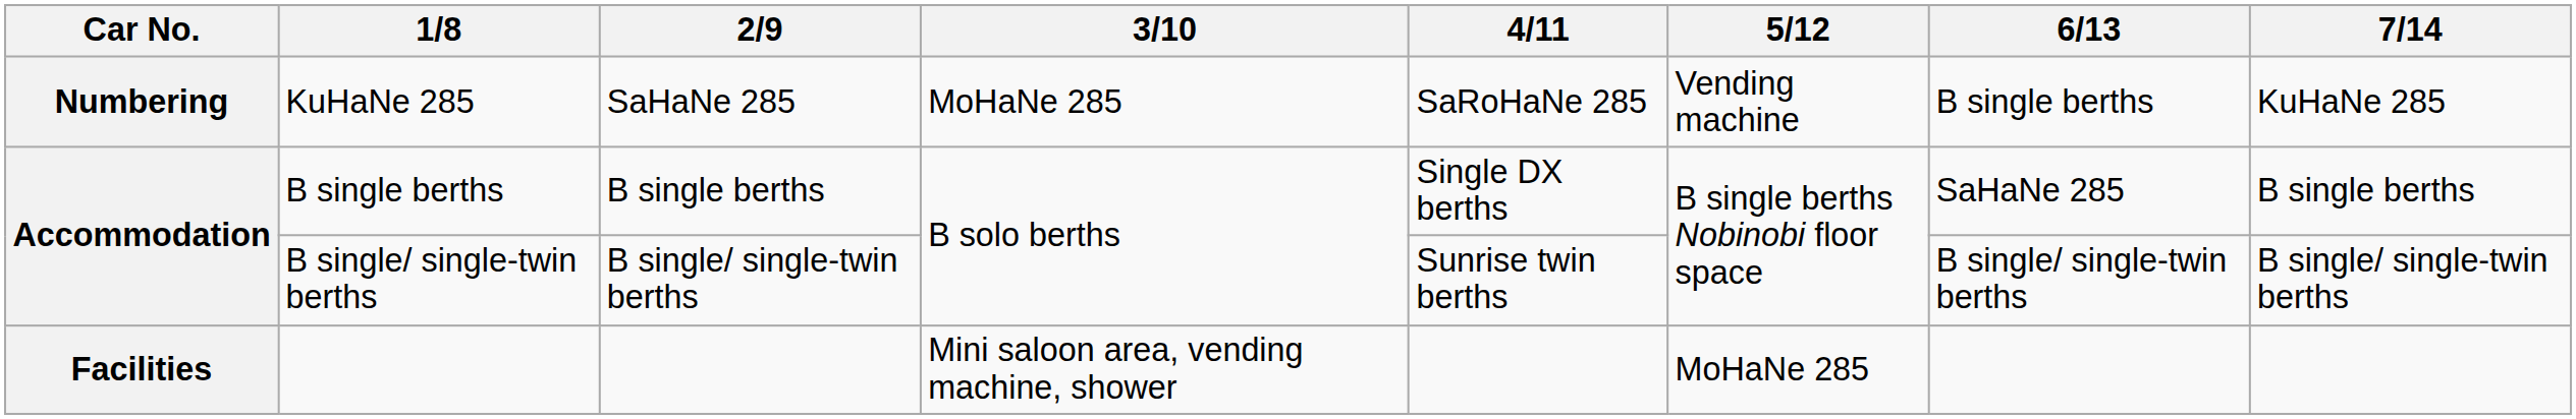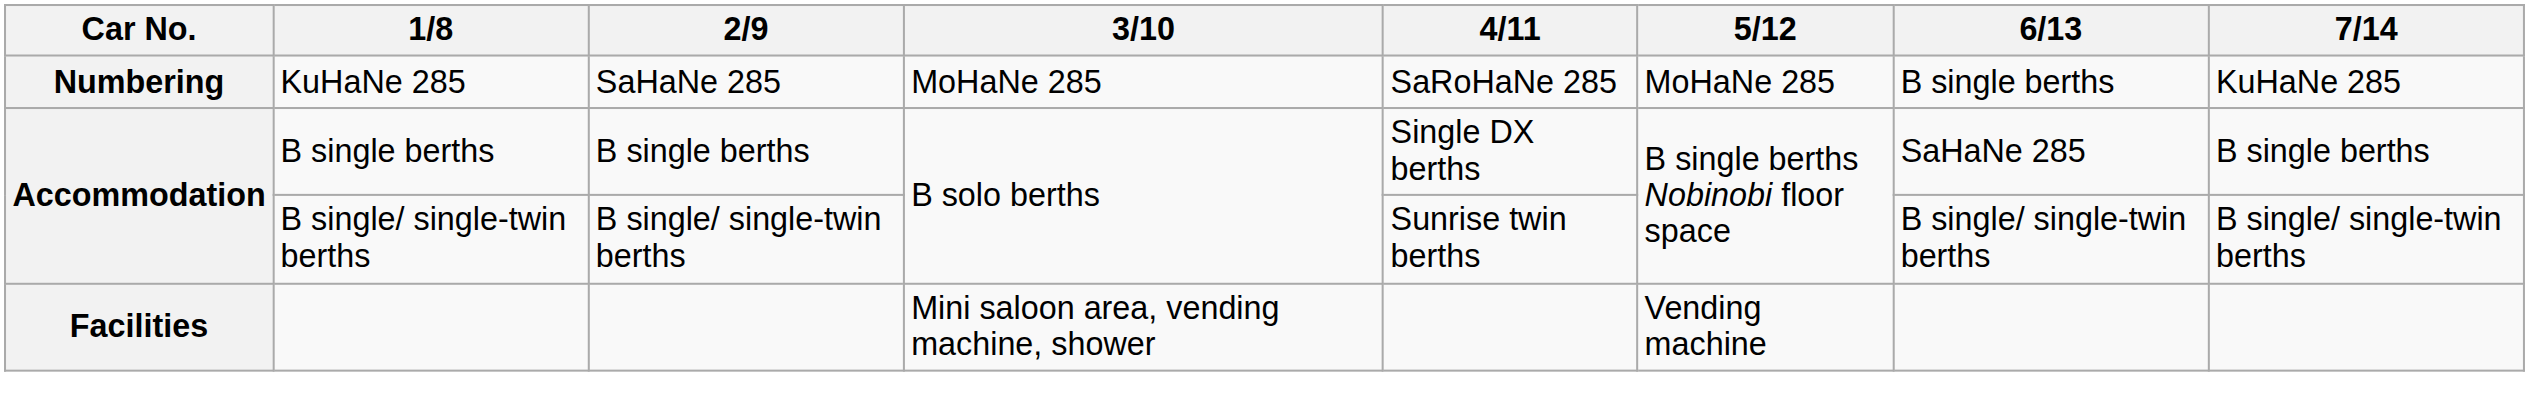 <table class="wikitable">
 <tr>
 <th>Car No.</th>
 <th>1/8</th>
 <th>2/9</th>
 <th>3/10</th>
 <th>4/11</th>
 <th>5/12</th>
 <th>6/13</th>
 <th>7/14</th>
 </tr>
 <tr>
 <th>Numbering</th>
 <td>KuHaNe 285</td>
 <td>SaHaNe 285</td>
 <td>MoHaNe 285</td>
 <td>SaRoHaNe 285</td>
-<td>Vending machine</td>
+<td>MoHaNe 285</td>
 <td>B single berths</td>
 <td>KuHaNe 285</td>
 </tr>
 <tr>
 <th rowspan=2>Accommodation</th>
 <td>B single berths</td>
 <td>B single berths</td>
 <td rowspan=2>B solo berths</td>
 <td>Single DX berths</td>
 <td rowspan=2>B single berths<br><em>Nobinobi</em> floor space</td>
 <td>SaHaNe 285</td>
 <td>B single berths</td>
 </tr>
 <tr>
 <td>B single/ single-twin berths</td>
 <td>B single/ single-twin berths</td>
 <td>Sunrise twin berths</td>
 <td>B single/ single-twin berths</td>
 <td>B single/ single-twin berths</td>
 </tr>
 <tr>
 <th>Facilities</th>
 <td> </td>
 <td> </td>
 <td>Mini saloon area, vending machine, shower</td>
 <td> </td>
-<td>MoHaNe 285</td>
+<td>Vending machine</td>
 <td> </td>
 <td> </td>
 </tr>
 </table>
